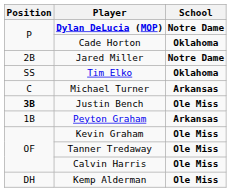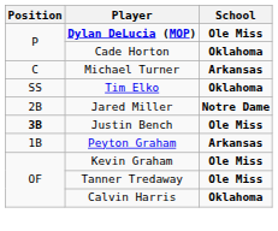 <table class="wikitable" style=text-align:center>
 <tr>
 <th>Position</th>
 <th>Player</th>
 <th>School</th>
 </tr>
 <tr>
 <td rowspan=2>P</td>
 <td><strong><a href='#'>Dylan DeLucia</a> (<a href='#'>MOP</a>)</strong></td>
-<td style=><strong>Notre Dame</strong></td>
+<td style=><strong>Ole Miss</strong></td>
 </tr>
 <tr>
 <td>Cade Horton</td>
 <td style=><strong>Oklahoma</strong></td>
 </tr>
 <tr>
-<td>2B</td>
-<td>Jared Miller</td>
-<td style=><strong>Notre Dame</strong></td>
+<td>C</td>
+<td>Michael Turner</td>
+<td style=><strong>Arkansas</strong></td>
 </tr>
 <tr>
 <td>SS</td>
 <td><a href='#'>Tim Elko</a></td>
 <td style=><strong>Oklahoma</strong></td>
 </tr>
 <tr>
-<td>C</td>
-<td>Michael Turner</td>
-<td style=><strong>Arkansas</strong></td>
+<td>2B</td>
+<td>Jared Miller</td>
+<td style=><strong>Notre Dame</strong></td>
 </tr>
 <tr>
 <td><strong>3B</strong></td>
 <td>Justin Bench</td>
 <td style=><strong>Ole Miss</strong></td>
 </tr>
 <tr>
 <td>1B</td>
 <td><a href='#'>Peyton Graham</a></td>
 <td style=><strong>Arkansas</strong></td>
 </tr>
 <tr>
 <td rowspan=3>OF</td>
 <td>Kevin Graham</td>
 <td style=><strong>Ole Miss</strong></td>
 </tr>
 <tr>
 <td>Tanner Tredaway</td>
 <td style=><strong>Ole Miss</strong></td>
 </tr>
 <tr>
 <td>Calvin Harris</td>
-<td style=><strong>Ole Miss</strong></td>
-</tr>
-<tr>
-<td>DH</td>
-<td>Kemp Alderman</td>
-<td style=><strong>Ole Miss</strong></td>
+<td style=><strong>Oklahoma</strong></td>
 </tr>
 </table>
